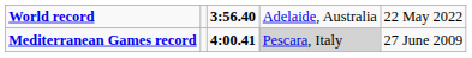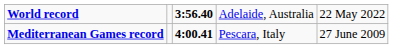 <table class="wikitable">
 <tr>
 <td><strong><a href='#'>World record</a></strong></td>
 <td></td>
 <td><strong>3:56.40</strong></td>
 <td><a href='#'>Adelaide</a>, Australia</td>
 <td>22 May 2022</td>
 </tr>
 <tr>
 <td><strong><a href='#'>Mediterranean Games record</a></strong></td>
 <td></td>
 <td><strong>4:00.41</strong></td>
-<td style="background: lightgrey;"><a href='#'>Pescara</a>, Italy</td>
+<td><a href='#'>Pescara</a>, Italy</td>
 <td>27 June 2009</td>
 </tr>
 </table>
